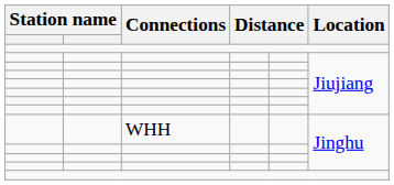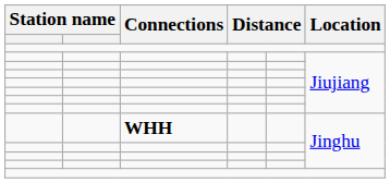 <table class="wikitable">
 <tr>
 <th colspan=2>Station name</th>
 <th rowspan=2>Connections</th>
 <th colspan="2" rowspan="2">Distance<br></th>
 <th rowspan="2">Location</th>
 </tr>
 <tr>
 <th></th>
 <th></th>
 </tr>
 <tr style="background:#">
 <td colspan = "6"></td>
 </tr>
 <tr>
 <td></td>
 <td></td>
 <td></td>
 <td></td>
 <td></td>
 <td rowspan="7"><a href='#'>Jiujiang</a></td>
 </tr>
 <tr>
 <td></td>
 <td></td>
 <td></td>
 <td></td>
 <td></td>
 </tr>
 <tr>
 <td></td>
 <td></td>
 <td></td>
 <td></td>
 <td></td>
 </tr>
 <tr>
 <td></td>
 <td></td>
 <td></td>
 <td></td>
 <td></td>
 </tr>
 <tr>
 <td></td>
 <td></td>
 <td></td>
 <td></td>
 <td></td>
 </tr>
 <tr>
 <td></td>
 <td></td>
 <td></td>
 <td></td>
 <td></td>
 </tr>
 <tr>
 <td></td>
 <td></td>
 <td></td>
 <td></td>
 <td></td>
 </tr>
 <tr>
 <td></td>
 <td></td>
-<td> WHH</td>
+<td><strong> WHH</strong></td>
 <td></td>
 <td></td>
 <td rowspan="4"><a href='#'>Jinghu</a></td>
 </tr>
 <tr>
 <td></td>
 <td></td>
 <td></td>
 <td></td>
 <td></td>
 </tr>
 <tr>
 <td></td>
 <td></td>
 <td></td>
 <td></td>
 <td></td>
 </tr>
 <tr>
 <td></td>
 <td></td>
 <td></td>
 <td></td>
 <td></td>
 </tr>
 <tr style="background:#">
 <td colspan = "6"></td>
 </tr>
 </table>
